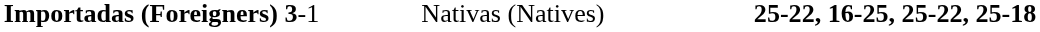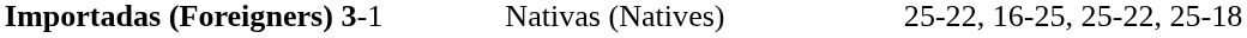 <table>
 <tr>
 <th width=200></th>
 <th width=80></th>
 <th width=200></th>
 <th width=220></th>
 </tr>
 <tr>
 <td align=right><strong>Importadas (Foreigners)</strong></td>
 <td align=c enter><strong>3</strong>-1</td>
 <td>Nativas (Natives)</td>
-<td><strong>25-22, 16-25, 25-22, 25-18</strong></td>
+<td>25-22, 16-25, 25-22, 25-18</td>
 </tr>
 </table>
